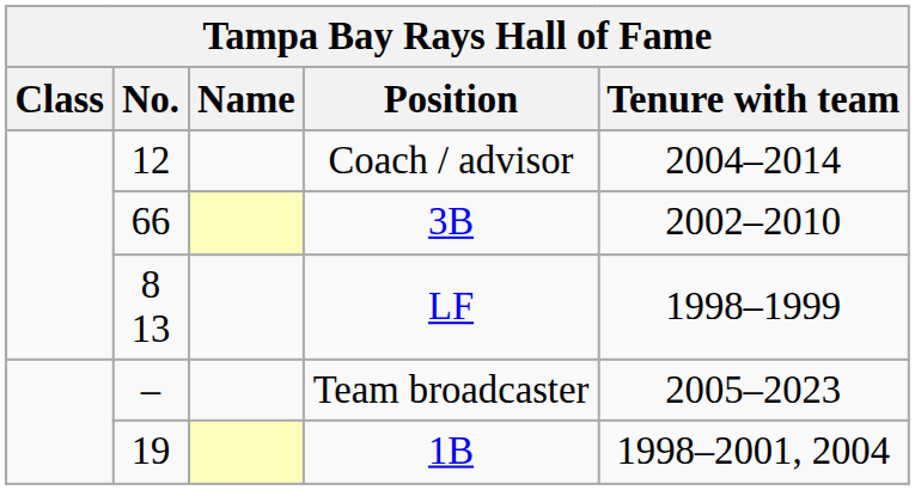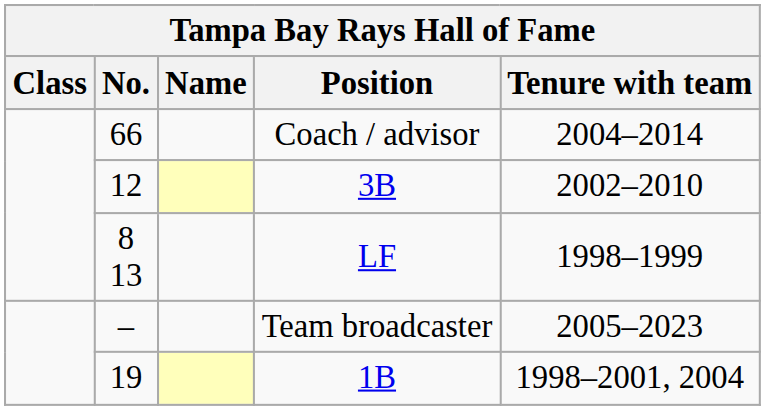 <table class="wikitable sortable" style="text-align:center">
 <tr>
 <th colspan="5"><strong>Tampa Bay Rays Hall of Fame</strong></th>
 </tr>
 <tr>
 <th>Class</th>
 <th>No.</th>
 <th>Name</th>
 <th>Position</th>
 <th>Tenure with team</th>
 </tr>
 <tr>
 <td rowspan="3"></td>
-<td>12</td>
+<td>66</td>
 <td></td>
 <td>Coach / advisor</td>
 <td>2004–2014</td>
 </tr>
 <tr>
-<td>66</td>
+<td>12</td>
 <td style="background:#ffb;"><strong></strong></td>
 <td><a href='#'>3B</a></td>
 <td>2002–2010</td>
 </tr>
 <tr>
 <td>8<br>13</td>
 <td></td>
 <td><a href='#'>LF</a></td>
 <td>1998–1999</td>
 </tr>
 <tr>
 <td rowspan="2"></td>
 <td>–</td>
 <td></td>
 <td>Team broadcaster</td>
 <td>2005–2023</td>
 </tr>
 <tr>
 <td>19</td>
 <td style="background:#ffb;"><strong></strong></td>
 <td><a href='#'>1B</a></td>
 <td>1998–2001, 2004</td>
 </tr>
 </table>
